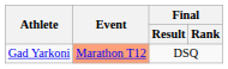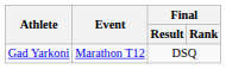 <table class="wikitable">
 <tr>
 <th rowspan="2">Athlete</th>
 <th rowspan="2">Event</th>
 <th colspan="2">Final</th>
 </tr>
 <tr>
 <th>Result</th>
 <th>Rank</th>
 </tr>
 <tr align="center">
 <td align="left"><a href='#'>Gad Yarkoni</a></td>
-<td align="left" style="background: lightsalmon;"><a href='#'>Marathon T12</a></td>
+<td align="left"><a href='#'>Marathon T12</a></td>
 <td colspan="2">DSQ</td>
 </tr>
 </table>
